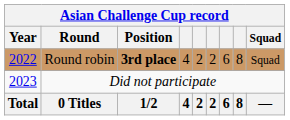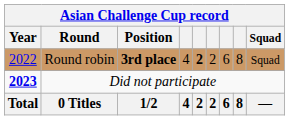 <table class="wikitable" style="text-align: center;">
 <tr>
 <th colspan=9><a href='#'>Asian Challenge Cup record</a></th>
 </tr>
 <tr>
 <th>Year</th>
 <th>Round</th>
 <th>Position</th>
 <th></th>
 <th></th>
 <th></th>
 <th></th>
 <th></th>
 <th><small>Squad</small></th>
 </tr>
 <tr bgcolor=cc9966>
 <td> <a href='#'>2022</a></td>
 <td>Round robin</td>
 <td><strong> 3rd place</strong></td>
 <td>4</td>
-<td>2</td>
+<td><strong>2</strong></td>
 <td>2</td>
 <td>6</td>
 <td>8</td>
 <td><small>Squad</small></td>
 </tr>
 <tr>
-<td> <a href='#'>2023</a></td>
+<td><strong> <a href='#'>2023</a></strong></td>
 <td colspan=8><em>Did not participate</em></td>
 </tr>
 <tr>
 <th>Total</th>
 <th>0 Titles</th>
 <th>1/2</th>
 <th>4</th>
 <th>2</th>
 <th>2</th>
 <th>6</th>
 <th>8</th>
 <th>—</th>
 </tr>
 </table>
